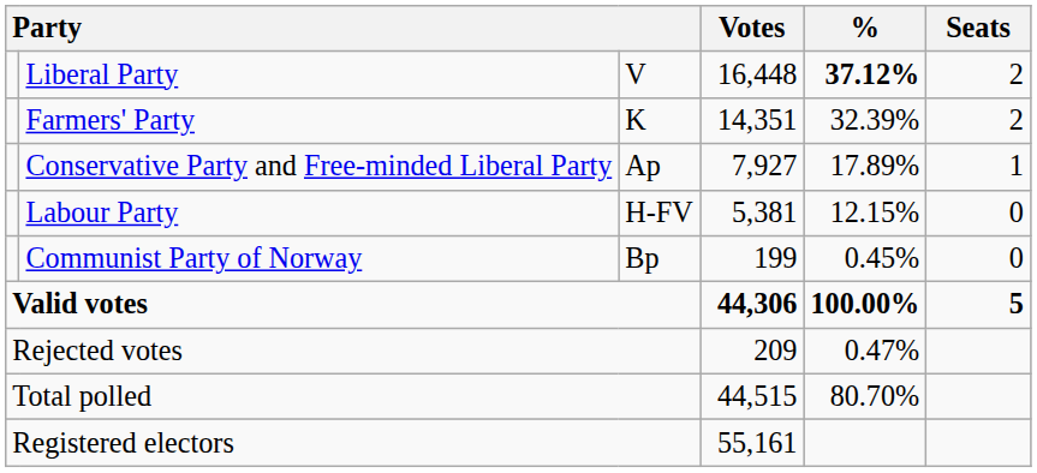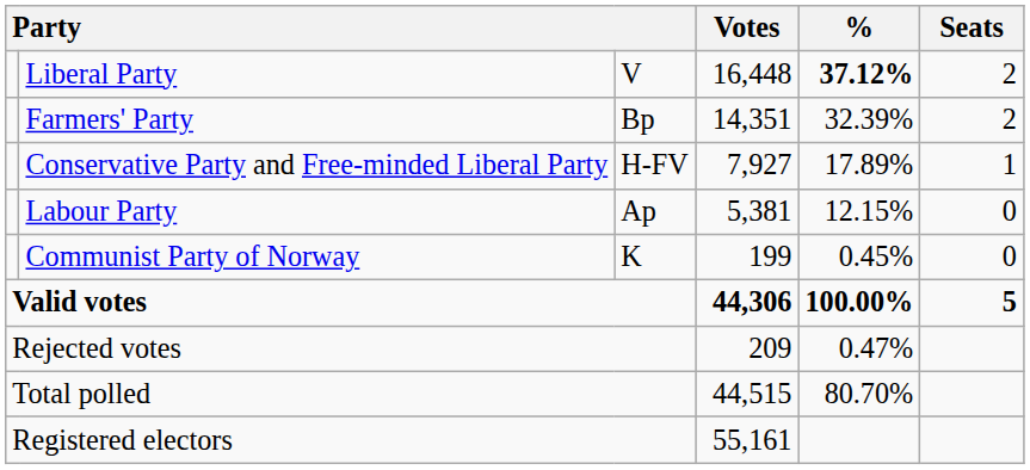 <table class="wikitable" border="1" style="text-align:right;">
 <tr>
 <th style="text-align:left;" colspan=3>Party</th>
 <th align=center width="50">Votes</th>
 <th align=center width="50">%</th>
 <th align=center width="50">Seats</th>
 </tr>
 <tr>
 <td style="color:inherit;background:"></td>
 <td align=left><a href='#'>Liberal Party</a></td>
 <td align=left>V</td>
 <td>16,448</td>
 <td><strong>37.12%</strong></td>
 <td>2</td>
 </tr>
 <tr>
 <td style="color:inherit;background:"></td>
 <td align=left><a href='#'>Farmers' Party</a></td>
-<td align=left>K</td>
+<td align=left>Bp</td>
 <td>14,351</td>
 <td>32.39%</td>
 <td>2</td>
 </tr>
 <tr>
 <td></td>
 <td align=left><a href='#'>Conservative Party</a> and <a href='#'>Free-minded Liberal Party</a></td>
-<td align=left>Ap</td>
+<td align=left>H-FV</td>
 <td>7,927</td>
 <td>17.89%</td>
 <td>1</td>
 </tr>
 <tr>
 <td style="color:inherit;background:"></td>
 <td align=left><a href='#'>Labour Party</a></td>
-<td align=left>H-FV</td>
+<td align=left>Ap</td>
 <td>5,381</td>
 <td>12.15%</td>
 <td>0</td>
 </tr>
 <tr>
 <td style="color:inherit;background:"></td>
 <td align=left><a href='#'>Communist Party of Norway</a></td>
-<td align=left>Bp</td>
+<td align=left>K</td>
 <td>199</td>
 <td>0.45%</td>
 <td>0</td>
 </tr>
 <tr style="font-weight:bold">
 <td align=left colspan=3>Valid votes</td>
 <td>44,306</td>
 <td>100.00%</td>
 <td>5</td>
 </tr>
 <tr>
 <td align=left colspan=3>Rejected votes</td>
 <td>209</td>
 <td>0.47%</td>
 <td></td>
 </tr>
 <tr>
 <td align=left colspan=3>Total polled</td>
 <td>44,515</td>
 <td>80.70%</td>
 <td></td>
 </tr>
 <tr>
 <td align=left colspan=3>Registered electors</td>
 <td>55,161</td>
 <td></td>
 <td></td>
 </tr>
 </table>
